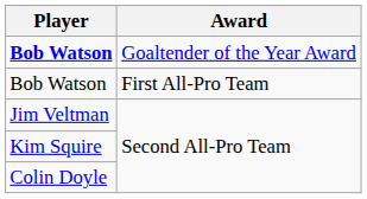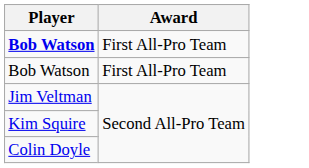 <table class="wikitable">
 <tr>
 <th>Player</th>
 <th>Award</th>
 </tr>
 <tr>
 <td><strong><a href='#'>Bob Watson</a></strong></td>
-<td><a href='#'>Goaltender of the Year Award</a></td>
+<td>First All-Pro Team</td>
 </tr>
 <tr>
 <td>Bob Watson</td>
 <td>First All-Pro Team</td>
 </tr>
 <tr>
 <td><a href='#'>Jim Veltman</a></td>
 <td rowspan=3>Second All-Pro Team</td>
 </tr>
 <tr>
 <td><a href='#'>Kim Squire</a></td>
 </tr>
 <tr>
 <td><a href='#'>Colin Doyle</a></td>
 </tr>
 </table>
